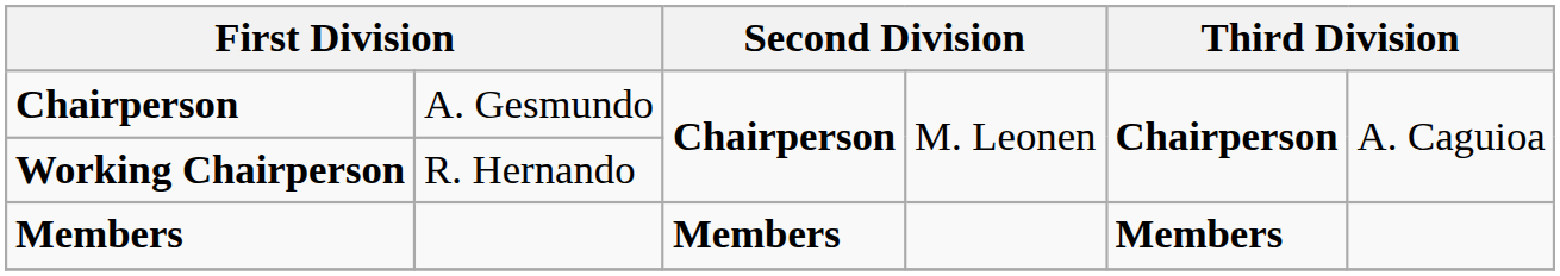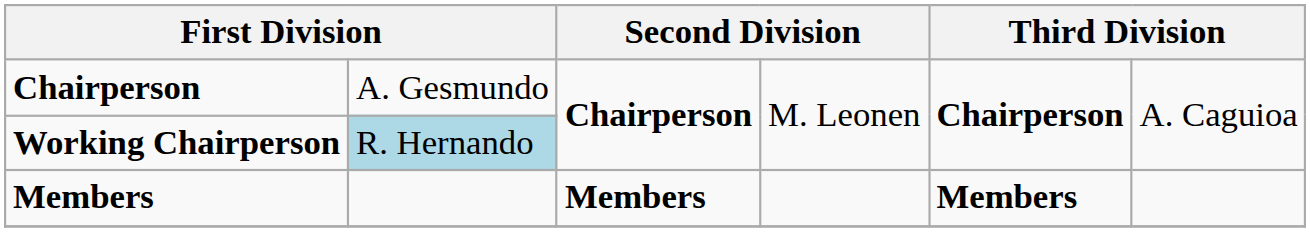 <table class="wikitable sortable" style="width:auto%; font-size:100%; text-align:left">
 <tr>
 <th colspan="2">First Division</th>
 <th colspan="2">Second Division</th>
 <th colspan="2">Third Division</th>
 </tr>
 <tr>
 <td><strong>Chairperson</strong></td>
 <td>A. Gesmundo</td>
 <td rowspan="2"><strong>Chairperson</strong></td>
 <td rowspan="2">M. Leonen</td>
 <td rowspan="2"><strong>Chairperson</strong></td>
 <td rowspan="2">A. Caguioa</td>
 </tr>
 <tr>
 <td><strong>Working Chairperson</strong></td>
-<td>R. Hernando</td>
+<td style="background: lightblue;">R. Hernando</td>
 </tr>
 <tr>
 <td><strong>Members</strong></td>
 <td></td>
 <td><strong>Members</strong></td>
 <td></td>
 <td><strong>Members</strong></td>
 <td></td>
 </tr>
 <tr>
 </tr>
 </table>
